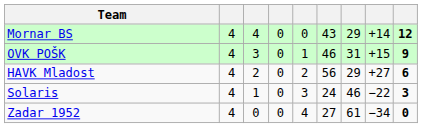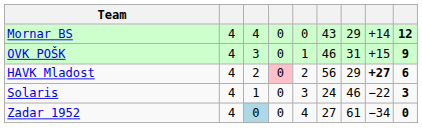 <table class="wikitable" style="text-align:center;">
 <tr>
 <th width=225>Team</th>
 <th width=20></th>
 <th width=20></th>
 <th width=20></th>
 <th width=20></th>
 <th width=20></th>
 <th width=20></th>
 <th width=20></th>
 <th width=20></th>
 </tr>
 <tr style="background:#cfc;">
 <td align="left"> <a href='#'>Mornar BS</a></td>
 <td>4</td>
 <td>4</td>
 <td>0</td>
 <td>0</td>
 <td>43</td>
 <td>29</td>
 <td>+14</td>
 <td><strong>12</strong></td>
 </tr>
 <tr style="background:#cfc;">
 <td align="left"> <a href='#'>OVK POŠK</a></td>
 <td>4</td>
 <td>3</td>
 <td>0</td>
 <td>1</td>
 <td>46</td>
 <td>31</td>
 <td>+15</td>
 <td><strong>9</strong></td>
 </tr>
 <tr>
 <td align="left"> <a href='#'>HAVK Mladost</a></td>
 <td>4</td>
 <td>2</td>
-<td>0</td>
+<td style="background: pink;">0</td>
 <td>2</td>
 <td>56</td>
 <td>29</td>
-<td>+27</td>
+<td><strong>+27</strong></td>
 <td><strong>6</strong></td>
 </tr>
 <tr>
 <td align="left"> <a href='#'>Solaris</a></td>
 <td>4</td>
 <td>1</td>
 <td>0</td>
 <td>3</td>
 <td>24</td>
 <td>46</td>
 <td>−22</td>
 <td><strong>3</strong></td>
 </tr>
 <tr>
 <td align="left"> <a href='#'>Zadar 1952</a></td>
 <td>4</td>
-<td>0</td>
+<td style="background: lightblue;">0</td>
 <td>0</td>
 <td>4</td>
 <td>27</td>
 <td>61</td>
 <td>−34</td>
 <td><strong>0</strong></td>
 </tr>
 </table>
